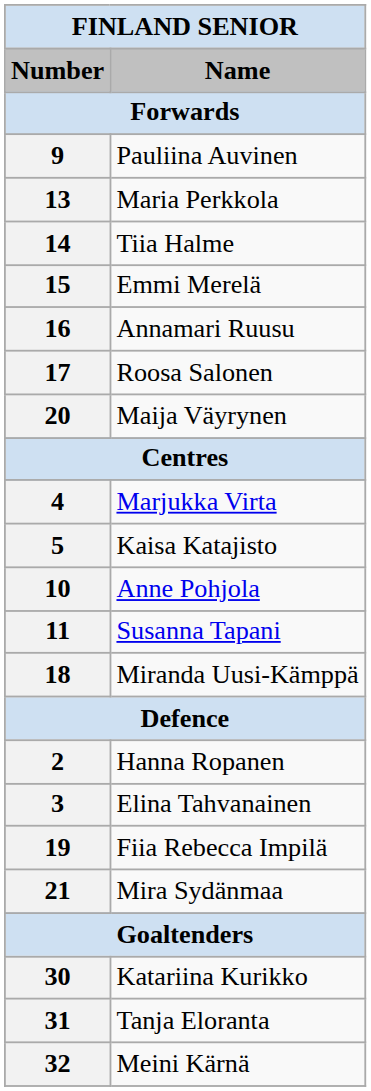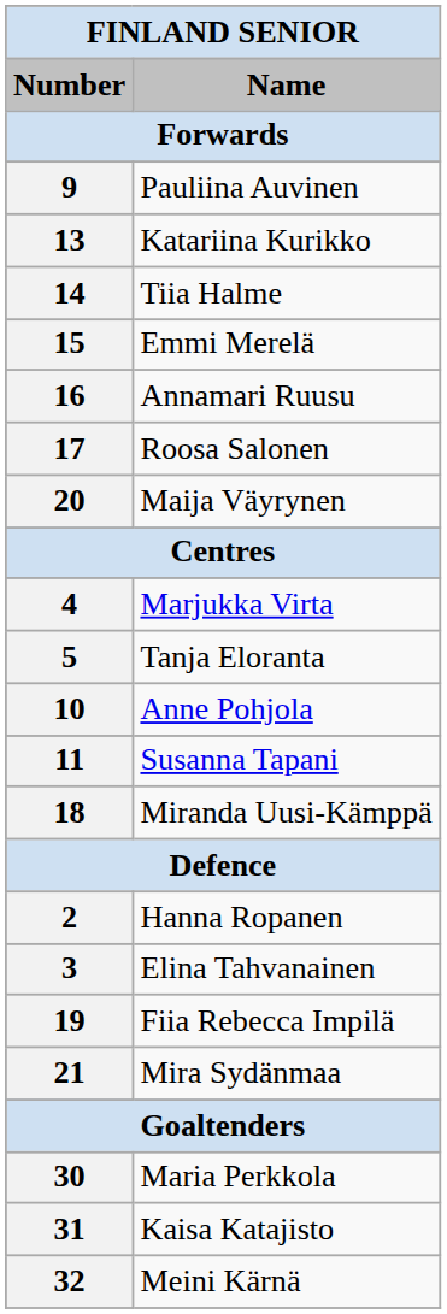 <table class="wikitable" style="text-align:left; font-size:90%;">
 <tr>
 <th style=background:#CEE0F2 colspan=2><span>FINLAND SENIOR</span></th>
 </tr>
 <tr>
 <th style="background:silver;">Number</th>
 <th style="background:silver;">Name</th>
 </tr>
 <tr>
 <th style=background:#CEE0F2 colspan=2><span>Forwards</span></th>
 </tr>
 <tr>
 <th>9</th>
 <td>Pauliina Auvinen</td>
 </tr>
 <tr>
 <th>13</th>
-<td>Maria Perkkola</td>
+<td>Katariina Kurikko</td>
 </tr>
 <tr>
 <th>14</th>
 <td>Tiia Halme</td>
 </tr>
 <tr>
 <th>15</th>
 <td>Emmi Merelä</td>
 </tr>
 <tr>
 <th>16</th>
 <td>Annamari Ruusu</td>
 </tr>
 <tr>
 <th>17</th>
 <td>Roosa Salonen</td>
 </tr>
 <tr>
 <th>20</th>
 <td>Maija Väyrynen</td>
 </tr>
 <tr>
 <th style=background:#CEE0F2 colspan=4><span>Centres</span></th>
 </tr>
 <tr>
 <th>4</th>
 <td><a href='#'>Marjukka Virta</a></td>
 </tr>
 <tr>
 <th>5</th>
-<td>Kaisa Katajisto</td>
+<td>Tanja Eloranta</td>
 </tr>
 <tr>
 <th>10</th>
 <td><a href='#'>Anne Pohjola</a></td>
 </tr>
 <tr>
 <th>11</th>
 <td><a href='#'>Susanna Tapani</a></td>
 </tr>
 <tr>
 <th>18</th>
 <td>Miranda Uusi-Kämppä</td>
 </tr>
 <tr>
 <th style=background:#CEE0F2 colspan=2><span>Defence</span></th>
 </tr>
 <tr>
 <th>2</th>
 <td>Hanna Ropanen</td>
 </tr>
 <tr>
 <th>3</th>
 <td>Elina Tahvanainen</td>
 </tr>
 <tr>
 <th>19</th>
 <td>Fiia Rebecca Impilä</td>
 </tr>
 <tr>
 <th>21</th>
 <td>Mira Sydänmaa</td>
 </tr>
 <tr>
 <th style=background:#CEE0F2 colspan=2><span>Goaltenders</span></th>
 </tr>
 <tr>
 <th>30</th>
-<td>Katariina Kurikko</td>
+<td>Maria Perkkola</td>
 </tr>
 <tr>
 <th>31</th>
-<td>Tanja Eloranta</td>
+<td>Kaisa Katajisto</td>
 </tr>
 <tr>
 <th>32</th>
 <td>Meini Kärnä</td>
 </tr>
 </table>
